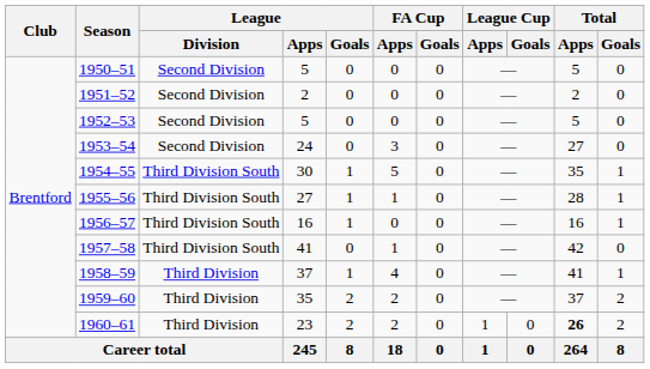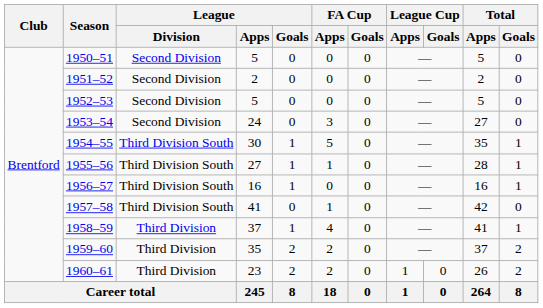 <table class="wikitable" style="text-align: center;">
 <tr>
 <th rowspan="2">Club</th>
 <th rowspan="2">Season</th>
 <th colspan="3">League</th>
 <th colspan="2">FA Cup</th>
 <th colspan="2">League Cup</th>
 <th colspan="2">Total</th>
 </tr>
 <tr>
 <th>Division</th>
 <th>Apps</th>
 <th>Goals</th>
 <th>Apps</th>
 <th>Goals</th>
 <th>Apps</th>
 <th>Goals</th>
 <th>Apps</th>
 <th>Goals</th>
 </tr>
 <tr>
 <td rowspan="11"><a href='#'>Brentford</a></td>
 <td><a href='#'>1950–51</a></td>
 <td><a href='#'>Second Division</a></td>
 <td>5</td>
 <td>0</td>
 <td>0</td>
 <td>0</td>
 <td colspan="2">—</td>
 <td>5</td>
 <td>0</td>
 </tr>
 <tr>
 <td><a href='#'>1951–52</a></td>
 <td>Second Division</td>
 <td>2</td>
 <td>0</td>
 <td>0</td>
 <td>0</td>
 <td colspan="2">—</td>
 <td>2</td>
 <td>0</td>
 </tr>
 <tr>
 <td><a href='#'>1952–53</a></td>
 <td>Second Division</td>
 <td>5</td>
 <td>0</td>
 <td>0</td>
 <td>0</td>
 <td colspan="2">—</td>
 <td>5</td>
 <td>0</td>
 </tr>
 <tr>
 <td><a href='#'>1953–54</a></td>
 <td>Second Division</td>
 <td>24</td>
 <td>0</td>
 <td>3</td>
 <td>0</td>
 <td colspan="2">—</td>
 <td>27</td>
 <td>0</td>
 </tr>
 <tr>
 <td><a href='#'>1954–55</a></td>
 <td><a href='#'>Third Division South</a></td>
 <td>30</td>
 <td>1</td>
 <td>5</td>
 <td>0</td>
 <td colspan="2">—</td>
 <td>35</td>
 <td>1</td>
 </tr>
 <tr>
 <td><a href='#'>1955–56</a></td>
 <td>Third Division South</td>
 <td>27</td>
 <td>1</td>
 <td>1</td>
 <td>0</td>
 <td colspan="2">—</td>
 <td>28</td>
 <td>1</td>
 </tr>
 <tr>
 <td><a href='#'>1956–57</a></td>
 <td>Third Division South</td>
 <td>16</td>
 <td>1</td>
 <td>0</td>
 <td>0</td>
 <td colspan="2">—</td>
 <td>16</td>
 <td>1</td>
 </tr>
 <tr>
 <td><a href='#'>1957–58</a></td>
 <td>Third Division South</td>
 <td>41</td>
 <td>0</td>
 <td>1</td>
 <td>0</td>
 <td colspan="2">—</td>
 <td>42</td>
 <td>0</td>
 </tr>
 <tr>
 <td><a href='#'>1958–59</a></td>
 <td><a href='#'>Third Division</a></td>
 <td>37</td>
 <td>1</td>
 <td>4</td>
 <td>0</td>
 <td colspan="2">—</td>
 <td>41</td>
 <td>1</td>
 </tr>
 <tr>
 <td><a href='#'>1959–60</a></td>
 <td>Third Division</td>
 <td>35</td>
 <td>2</td>
 <td>2</td>
 <td>0</td>
 <td colspan="2">—</td>
 <td>37</td>
 <td>2</td>
 </tr>
 <tr>
 <td><a href='#'>1960–61</a></td>
 <td>Third Division</td>
 <td>23</td>
 <td>2</td>
 <td>2</td>
 <td>0</td>
 <td>1</td>
 <td>0</td>
-<td><strong>26</strong></td>
+<td>26</td>
 <td>2</td>
 </tr>
 <tr>
 <th colspan="3">Career total</th>
 <th>245</th>
 <th>8</th>
 <th>18</th>
 <th>0</th>
 <th>1</th>
 <th>0</th>
 <th>264</th>
 <th>8</th>
 </tr>
 </table>
